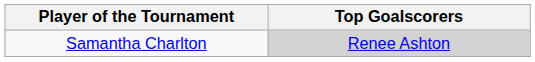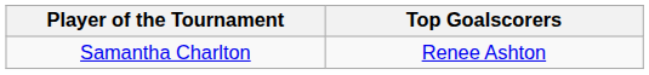 <table class=wikitable style="margin:auto; text-align:center">
 <tr>
 <th style="width: 250px;">Player of the Tournament</th>
 <th style="width: 250px;">Top Goalscorers</th>
 </tr>
 <tr>
 <td> <a href='#'>Samantha Charlton</a></td>
-<td style="background: lightgrey;"> <a href='#'>Renee Ashton</a></td>
+<td> <a href='#'>Renee Ashton</a></td>
 </tr>
 </table>
